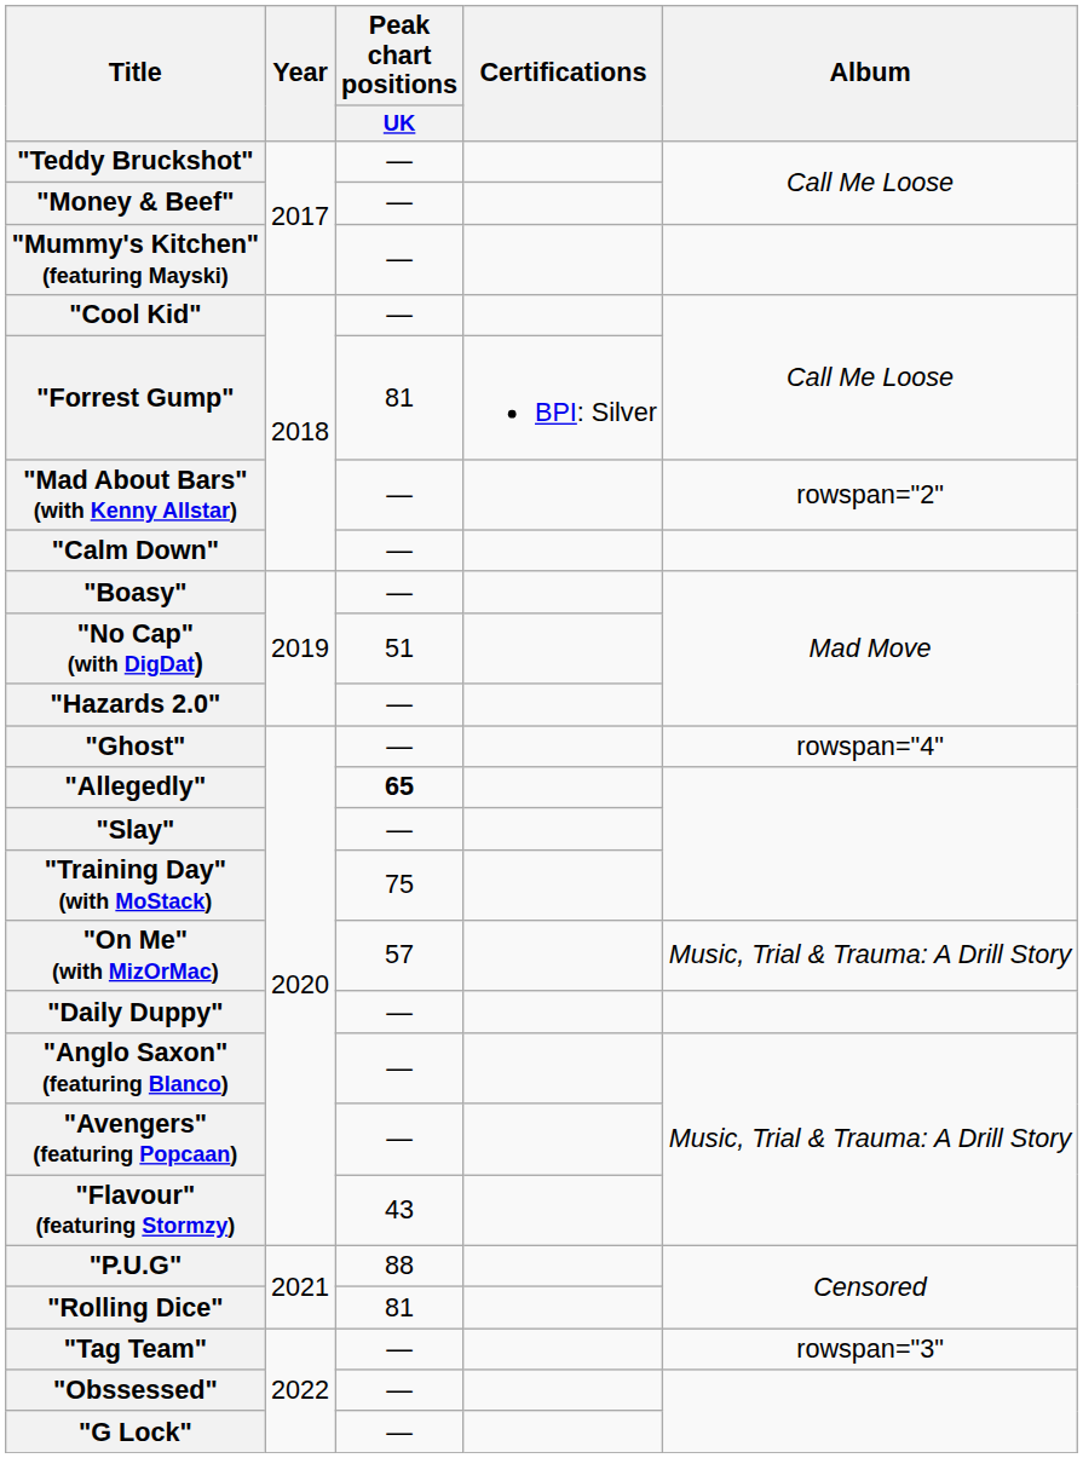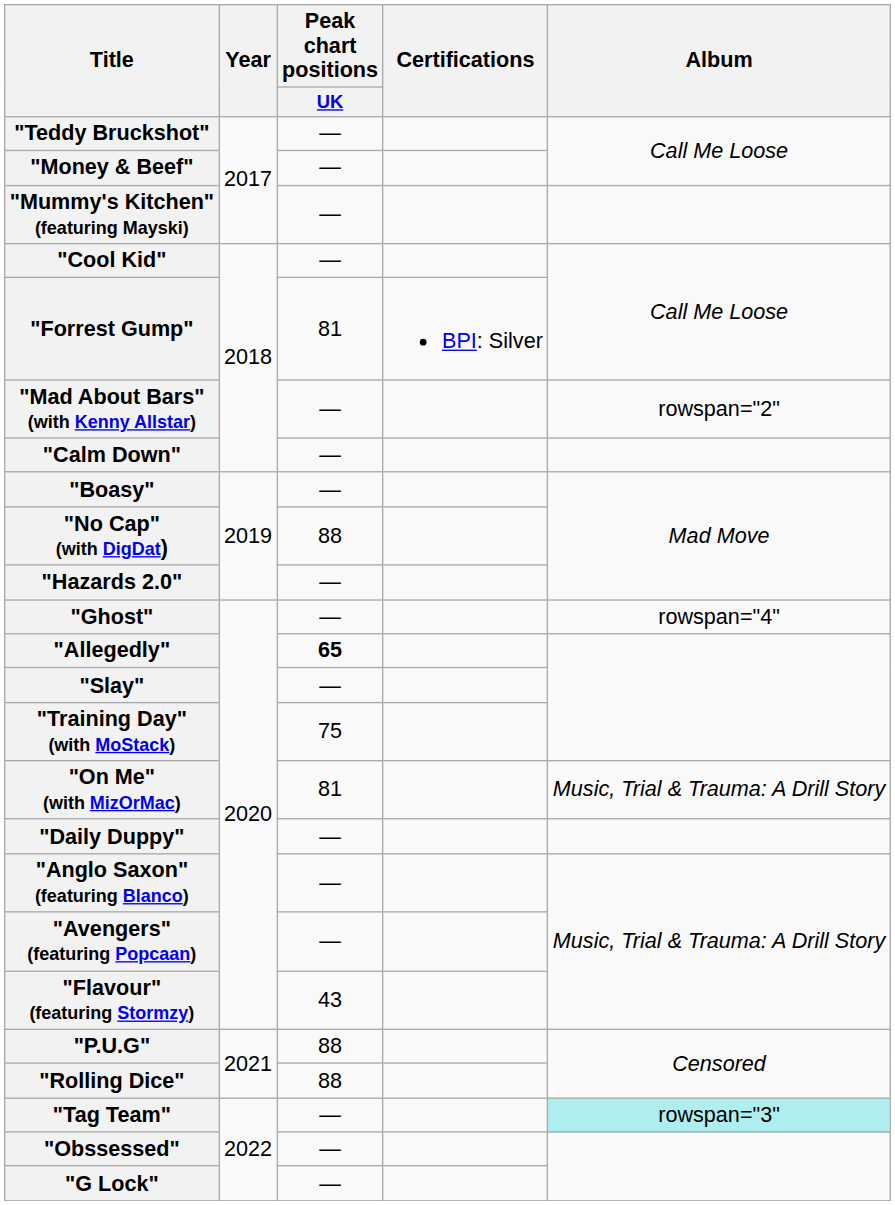 <table class="wikitable plainrowheaders" style="text-align:center;">
 <tr>
 <th scope="col" rowspan="2">Title</th>
 <th scope="col" rowspan="2">Year</th>
 <th scope="col" colspan="1">Peak chart positions</th>
 <th scope="col" rowspan="2">Certifications</th>
 <th scope="col" rowspan="2">Album</th>
 </tr>
 <tr>
 <th scope="col" style="width:3em;font-size:85%;"><a href='#'>UK</a><br></th>
 </tr>
 <tr>
 <th scope="row">"Teddy Bruckshot"</th>
 <td rowspan="3">2017</td>
 <td>—</td>
 <td></td>
 <td rowspan="2"><em>Call Me Loose</em></td>
 </tr>
 <tr>
 <th scope="row">"Money & Beef"</th>
 <td>—</td>
 <td></td>
 </tr>
 <tr>
 <th scope="row">"Mummy's Kitchen"<br><small>(featuring Mayski)</small></th>
 <td>—</td>
 <td></td>
 <td></td>
 </tr>
 <tr>
 <th scope="row">"Cool Kid"</th>
 <td rowspan="4">2018</td>
 <td>—</td>
 <td></td>
 <td rowspan="2"><em>Call Me Loose</em></td>
 </tr>
 <tr>
 <th scope="row">"Forrest Gump"</th>
 <td>81</td>
 <td><br><ul><li><a href='#'>BPI</a>: Silver</li></ul></td>
 </tr>
 <tr>
 <th scope="row">"Mad About Bars"<br><small>(with <a href='#'>Kenny Allstar</a>)</small></th>
 <td>—</td>
 <td></td>
 <td>rowspan="2" </td>
 </tr>
 <tr>
 <th scope="row">"Calm Down"</th>
 <td>—</td>
 <td></td>
 </tr>
 <tr>
 <th scope="row">"Boasy"</th>
 <td rowspan="3">2019</td>
 <td>—</td>
 <td></td>
 <td rowspan="3"><em>Mad Move</em></td>
 </tr>
 <tr>
 <th scope="row">"No Cap"<br><small>(with <a href='#'>DigDat</a></small>)</th>
-<td>51</td>
+<td>88</td>
 <td></td>
 </tr>
 <tr>
 <th scope="row">"Hazards 2.0"</th>
 <td>—</td>
 <td></td>
 </tr>
 <tr>
 <th scope="row">"Ghost"</th>
 <td rowspan="9">2020</td>
 <td>—</td>
 <td></td>
 <td>rowspan="4" </td>
 </tr>
 <tr>
 <th scope="row">"Allegedly"</th>
 <td><strong>65</strong></td>
 <td></td>
 </tr>
 <tr>
 <th scope="row">"Slay"</th>
 <td>—</td>
 <td></td>
 </tr>
 <tr>
 <th scope="row">"Training Day"<br><small>(with <a href='#'>MoStack</a>)</small></th>
 <td>75</td>
 <td></td>
 </tr>
 <tr>
 <th scope="row">"On Me"<br><small>(with <a href='#'>MizOrMac</a>)</small></th>
-<td>57</td>
+<td>81</td>
 <td></td>
 <td><em>Music, Trial  & Trauma: A Drill Story</em></td>
 </tr>
 <tr>
 <th scope="row">"Daily Duppy"</th>
 <td>—</td>
 <td></td>
 <td></td>
 </tr>
 <tr>
 <th scope="row">"Anglo Saxon"<br><small>(featuring <a href='#'>Blanco</a>)</small></th>
 <td>—</td>
 <td></td>
 <td rowspan="3"><em>Music, Trial  & Trauma: A Drill Story</em></td>
 </tr>
 <tr>
 <th scope="row">"Avengers"<br><small>(featuring <a href='#'>Popcaan</a>)</small></th>
 <td>—</td>
 <td></td>
 </tr>
 <tr>
 <th scope="row">"Flavour"<br><small>(featuring <a href='#'>Stormzy</a>)</small></th>
 <td>43</td>
 <td></td>
 </tr>
 <tr>
 <th scope="row">"P.U.G"</th>
 <td rowspan="2">2021</td>
 <td>88</td>
 <td></td>
 <td rowspan="2"><em>Censored</em></td>
 </tr>
 <tr>
 <th scope="row">"Rolling Dice"</th>
-<td>81</td>
+<td>88</td>
 <td></td>
 </tr>
 <tr>
 <th scope="row">"Tag Team"</th>
 <td rowspan="3">2022</td>
 <td>—</td>
 <td></td>
-<td>rowspan="3" </td>
+<td style="background: paleturquoise;">rowspan="3" </td>
 </tr>
 <tr>
 <th scope="row">"Obssessed"</th>
 <td>—</td>
 <td></td>
 </tr>
 <tr>
 <th scope="row">"G Lock"</th>
 <td>—</td>
 <td></td>
 </tr>
 </table>
